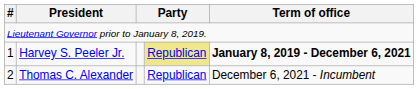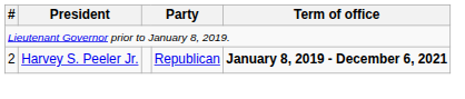 <table class="wikitable sortable">
 <tr>
 <th>#</th>
 <th>President</th>
 <th scope="col" colspan="2">Party</th>
 <th>Term of office</th>
 </tr>
 <tr>
 <td colspan=5><small><em><a href='#'>Lieutenant Governor</a> prior to January 8, 2019.</em></small></td>
 </tr>
 <tr style="height:2em;">
-<td>1</td>
+<td>2</td>
 <td><a href='#'>Harvey S. Peeler Jr.</a></td>
 <td style="background:"> </td>
-<td style="background: khaki;"><a href='#'>Republican</a></td>
+<td><a href='#'>Republican</a></td>
 <td><strong>January 8, 2019 - December 6, 2021</strong></td>
 </tr>
-<tr>
-<td>2</td>
-<td><a href='#'>Thomas C. Alexander</a></td>
-<td style="background:"> </td>
-<td><a href='#'>Republican</a></td>
-<td>December 6, 2021 - <em>Incumbent</em></td>
-</tr>
 </table>
